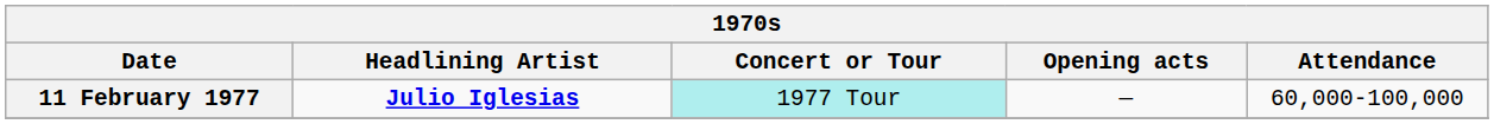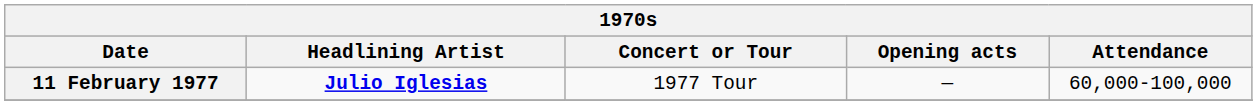 <table class="wikitable plainrowheaders collapsible collapsed" style="text-align:center;">
 <tr>
 <th colspan="5">1970s</th>
 </tr>
 <tr>
 <th scope="col" style="width:12em;">Date</th>
 <th scope="col" style="width:16em;">Headlining Artist</th>
 <th scope="col" style="width:14em;">Concert or Tour</th>
 <th scope="col" style="width:10em;">Opening acts</th>
 <th scope="col" style="width:10em;">Attendance</th>
 </tr>
 <tr>
 <th scope="row">11 February 1977</th>
 <td><strong><a href='#'>Julio Iglesias</a></strong></td>
-<td style="background: paleturquoise;">1977 Tour</td>
+<td>1977 Tour</td>
 <td>—</td>
 <td>60,000-100,000</td>
 </tr>
 <tr>
 </tr>
 <tr>
 </tr>
 </table>
